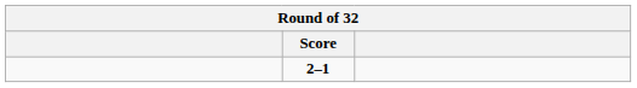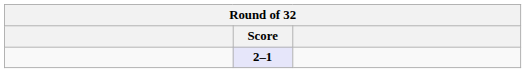 <table class="wikitable" style="text-align: center; font-size:90% ">
 <tr>
 <th colspan=3>Round of 32</th>
 </tr>
 <tr>
 <th align="right" width="250"></th>
 <th width="60">Score</th>
 <th align="left" width="250"></th>
 </tr>
 <tr>
 <td align=left><strong></strong></td>
-<td align=center><strong>2–1</strong></td>
+<td align=center style="background: lavender;"><strong>2–1</strong></td>
 <td align=left></td>
 </tr>
 </table>
